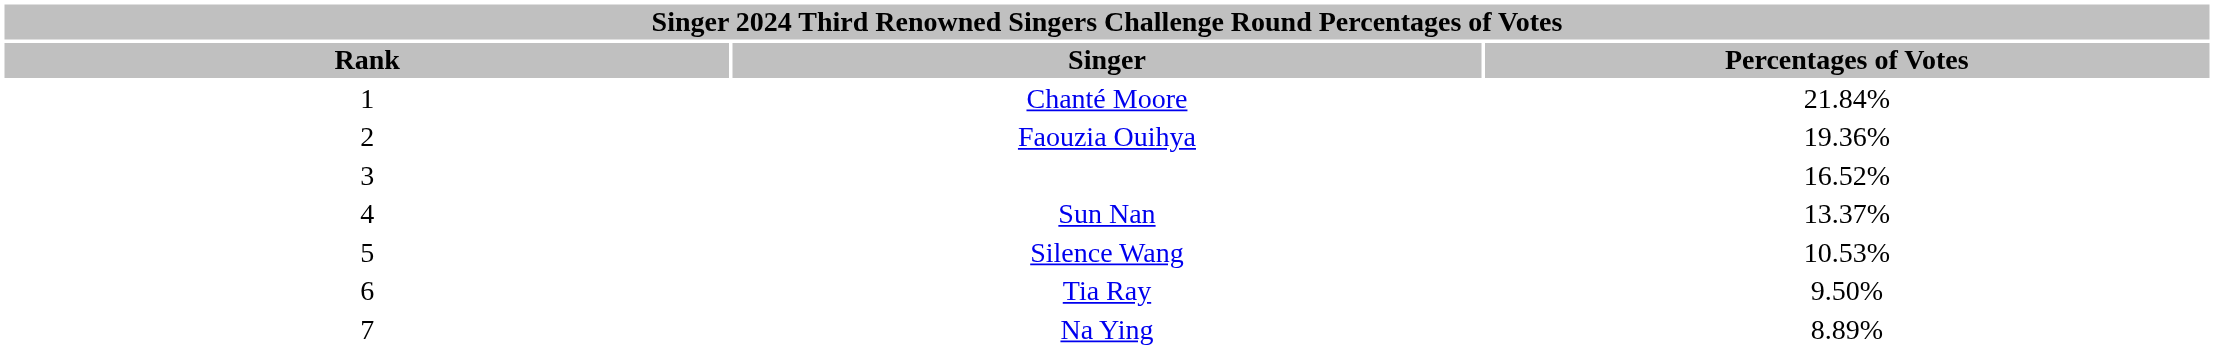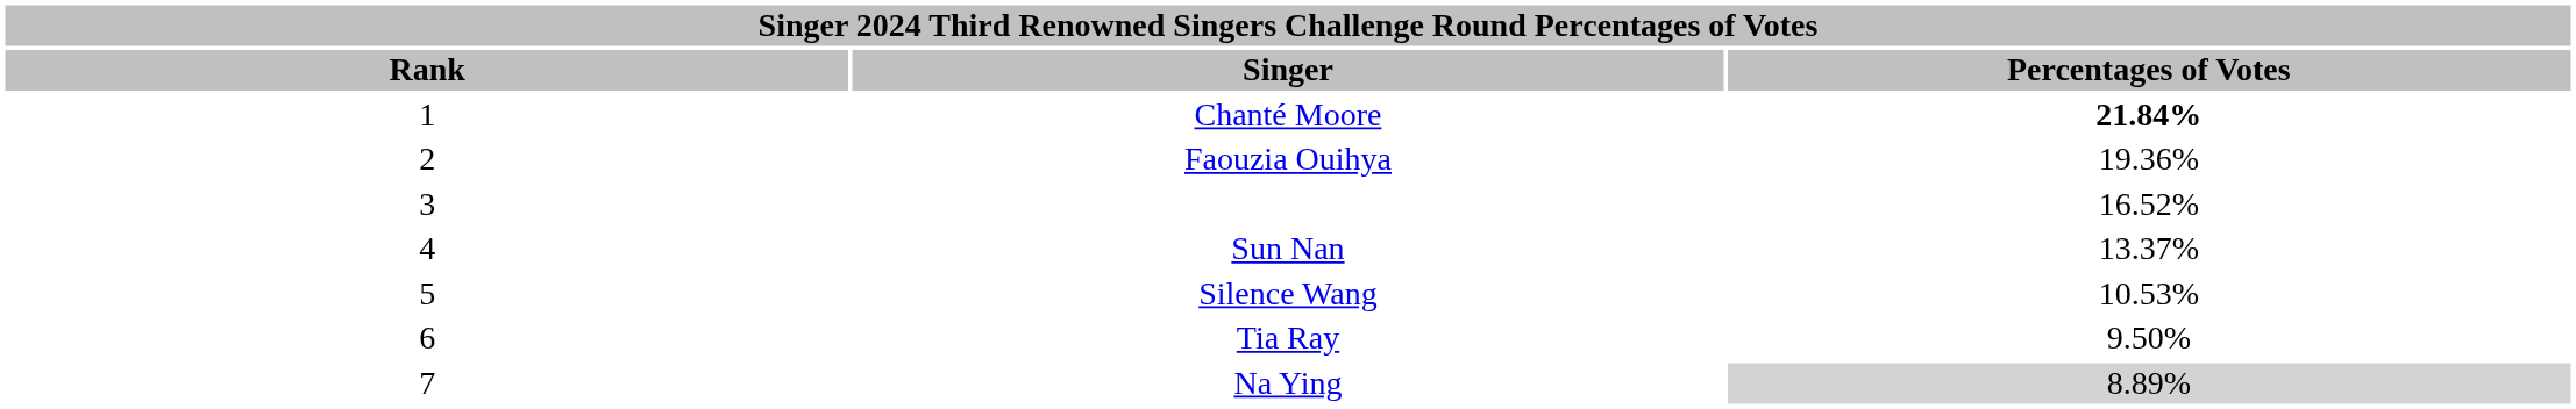 <table width="100%" style="text-align:center">
 <tr align=center style="background:silver">
 <td colspan="3"><div><strong>Singer 2024 Third Renowned Singers Challenge Round Percentages of Votes</strong></div></td>
 </tr>
 <tr align=center style="background:silver">
 <td style="width:33%"><strong>Rank</strong></td>
 <td style="width:34%"><strong>Singer</strong></td>
 <td style="width:33%"><strong>Percentages of Votes</strong></td>
 </tr>
 <tr>
 <td>1</td>
 <td><a href='#'>Chanté Moore</a></td>
-<td>21.84%</td>
+<td><strong>21.84%</strong></td>
 </tr>
 <tr>
 <td>2</td>
 <td><a href='#'>Faouzia Ouihya</a></td>
 <td>19.36%</td>
 </tr>
 <tr>
 <td>3</td>
 <td></td>
 <td>16.52%</td>
 </tr>
 <tr>
 <td>4</td>
 <td><a href='#'>Sun Nan</a></td>
 <td>13.37%</td>
 </tr>
 <tr>
 <td>5</td>
 <td><a href='#'>Silence Wang</a></td>
 <td>10.53%</td>
 </tr>
 <tr>
 <td>6</td>
 <td><a href='#'>Tia Ray</a></td>
 <td>9.50%</td>
 </tr>
 <tr>
 <td>7</td>
 <td><a href='#'>Na Ying</a></td>
-<td>8.89%</td>
+<td style="background: lightgrey;">8.89%</td>
 </tr>
 </table>
